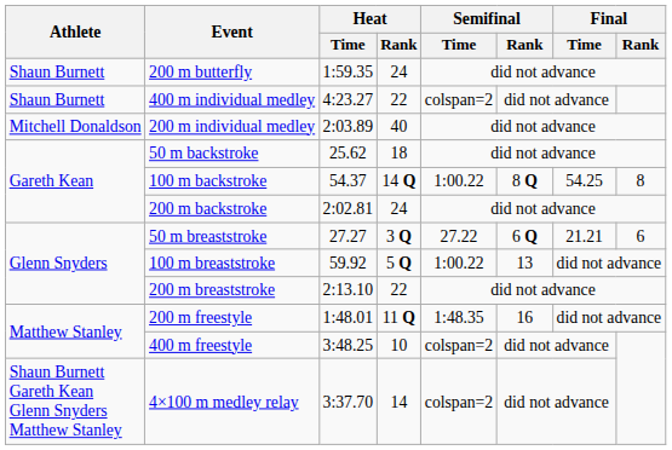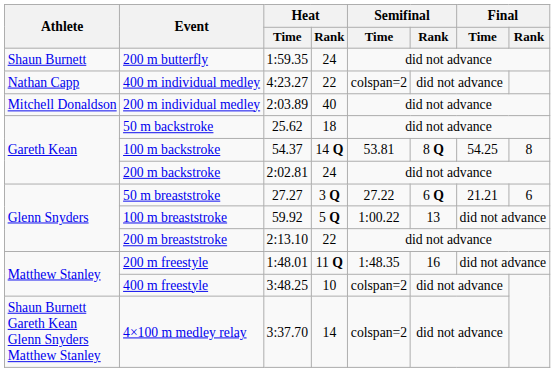 <table class=wikitable style="font-size:90%">
 <tr>
 <th rowspan="2">Athlete</th>
 <th rowspan="2">Event</th>
 <th colspan="2">Heat</th>
 <th colspan="2">Semifinal</th>
 <th colspan="2">Final</th>
 </tr>
 <tr style="font-size:95%">
 <th>Time</th>
 <th>Rank</th>
 <th>Time</th>
 <th>Rank</th>
 <th>Time</th>
 <th>Rank</th>
 </tr>
 <tr align=center>
 <td align=left><a href='#'>Shaun Burnett</a></td>
 <td align=left><a href='#'>200 m butterfly</a></td>
 <td>1:59.35</td>
 <td>24</td>
 <td colspan=4>did not advance</td>
 </tr>
 <tr align=center>
-<td align=left><a href='#'>Shaun Burnett</a></td>
+<td align=left><a href='#'>Nathan Capp</a></td>
 <td align=left><a href='#'>400 m individual medley</a></td>
 <td>4:23.27</td>
 <td>22</td>
 <td>colspan=2 </td>
 <td colspan=2>did not advance</td>
 </tr>
 <tr align=center>
 <td align=left><a href='#'>Mitchell Donaldson</a></td>
 <td align=left><a href='#'>200 m individual medley</a></td>
 <td>2:03.89</td>
 <td>40</td>
 <td colspan=4>did not advance</td>
 </tr>
 <tr align=center>
 <td align=left rowspan=3><a href='#'>Gareth Kean</a></td>
 <td align=left><a href='#'>50 m backstroke</a></td>
 <td>25.62</td>
 <td>18</td>
 <td colspan=4>did not advance</td>
 </tr>
 <tr align=center>
 <td align=left><a href='#'>100 m backstroke</a></td>
 <td>54.37</td>
 <td>14 <strong>Q</strong></td>
-<td>1:00.22</td>
+<td>53.81</td>
 <td>8 <strong>Q</strong></td>
 <td>54.25</td>
 <td>8</td>
 </tr>
 <tr align=center>
 <td align=left><a href='#'>200 m backstroke</a></td>
 <td>2:02.81</td>
 <td>24</td>
 <td colspan=4>did not advance</td>
 </tr>
 <tr align=center>
 <td align=left rowspan=3><a href='#'>Glenn Snyders</a></td>
 <td align=left><a href='#'>50 m breaststroke</a></td>
 <td>27.27</td>
 <td>3 <strong>Q</strong></td>
 <td>27.22</td>
 <td>6 <strong>Q</strong></td>
 <td>21.21</td>
 <td>6</td>
 </tr>
 <tr align=center>
 <td align=left><a href='#'>100 m breaststroke</a></td>
 <td>59.92</td>
 <td>5 <strong>Q</strong></td>
 <td>1:00.22</td>
 <td>13</td>
 <td colspan=2>did not advance</td>
 </tr>
 <tr align=center>
 <td align=left><a href='#'>200 m breaststroke</a></td>
 <td>2:13.10</td>
 <td>22</td>
 <td colspan=4>did not advance</td>
 </tr>
 <tr align=center>
 <td align=left rowspan=2><a href='#'>Matthew Stanley</a></td>
 <td align=left><a href='#'>200 m freestyle</a></td>
 <td>1:48.01</td>
 <td>11 <strong>Q</strong></td>
 <td>1:48.35</td>
 <td>16</td>
 <td colspan=2>did not advance</td>
 </tr>
 <tr align=center>
 <td align=left><a href='#'>400 m freestyle</a></td>
 <td>3:48.25</td>
 <td>10</td>
 <td>colspan=2 </td>
 <td colspan=2>did not advance</td>
 </tr>
 <tr align=center>
 <td align=left><a href='#'>Shaun Burnett</a><br><a href='#'>Gareth Kean</a><br><a href='#'>Glenn Snyders</a><br><a href='#'>Matthew Stanley</a></td>
 <td align=left><a href='#'>4×100 m medley relay</a></td>
 <td>3:37.70</td>
 <td>14</td>
 <td>colspan=2 </td>
 <td colspan=2>did not advance</td>
 </tr>
 </table>
